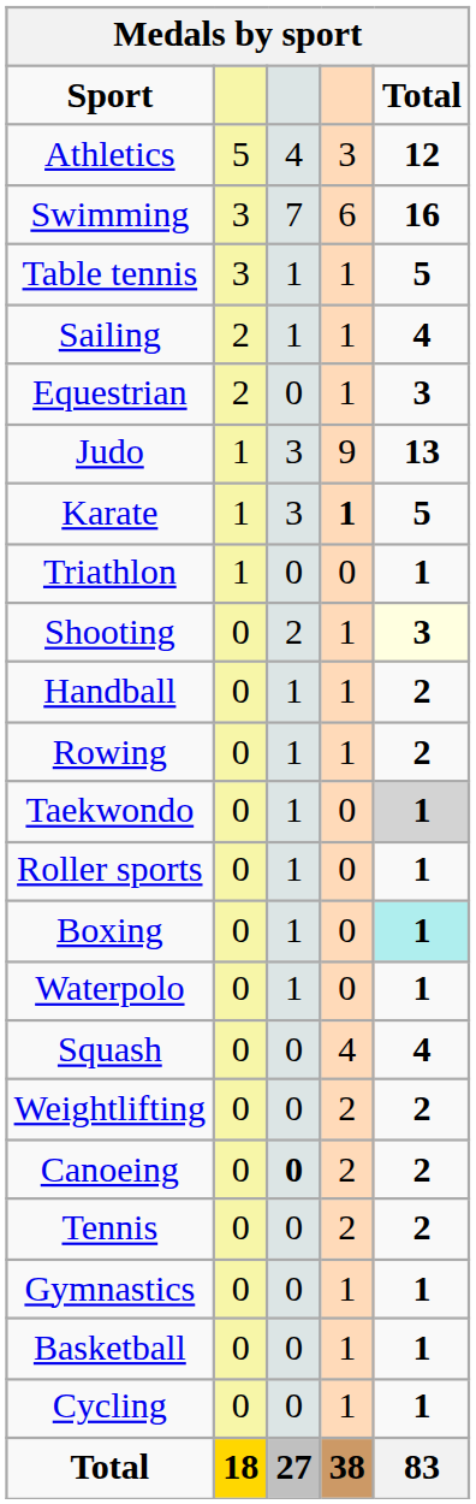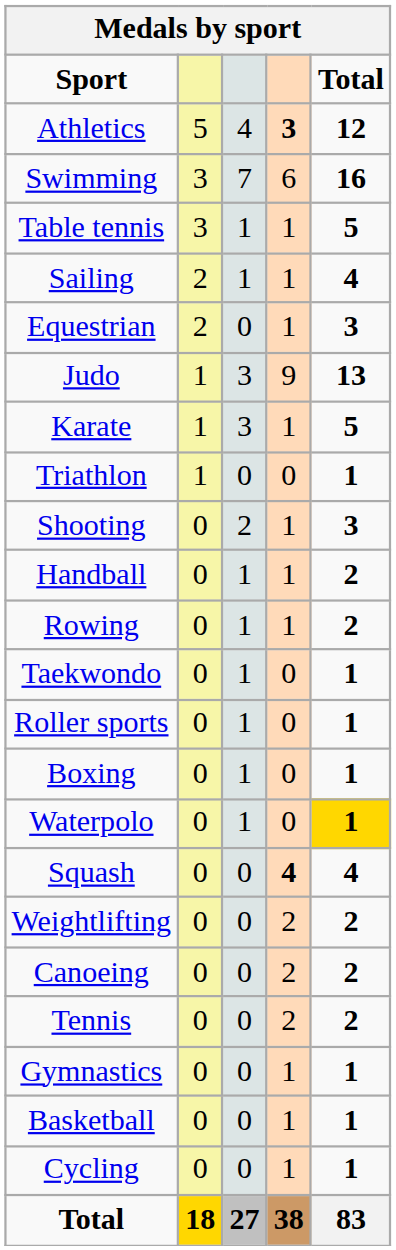 <table class="wikitable" style="font-size:85%; float:right;">
 <tr style="background:#efefef;">
 <th colspan=7><strong>Medals by sport</strong></th>
 </tr>
 <tr align=center>
 <td><strong>Sport</strong></td>
 <td bgcolor=#f7f6a8></td>
 <td bgcolor=#dce5e5></td>
 <td bgcolor=#ffdab9></td>
 <td><strong>Total</strong></td>
 </tr>
 <tr align=center>
 <td><a href='#'>Athletics</a></td>
 <td style="background:#F7F6A8;">5</td>
 <td style="background:#DCE5E5;">4</td>
-<td style="background:#FFDAB9;">3</td>
+<td style="background:#FFDAB9;"><strong>3</strong></td>
 <td><strong>12</strong></td>
 </tr>
 <tr align=center>
 <td><a href='#'>Swimming</a></td>
 <td style="background:#F7F6A8;">3</td>
 <td style="background:#DCE5E5;">7</td>
 <td style="background:#FFDAB9;">6</td>
 <td><strong>16</strong></td>
 </tr>
 <tr align=center>
 <td><a href='#'>Table tennis</a></td>
 <td style="background:#F7F6A8;">3</td>
 <td style="background:#DCE5E5;">1</td>
 <td style="background:#FFDAB9;">1</td>
 <td><strong>5</strong></td>
 </tr>
 <tr align=center>
 <td><a href='#'>Sailing</a></td>
 <td style="background:#F7F6A8;">2</td>
 <td style="background:#DCE5E5;">1</td>
 <td style="background:#FFDAB9;">1</td>
 <td><strong>4</strong></td>
 </tr>
 <tr align=center>
 <td><a href='#'>Equestrian</a></td>
 <td style="background:#F7F6A8;">2</td>
 <td style="background:#DCE5E5;">0</td>
 <td style="background:#FFDAB9;">1</td>
 <td><strong>3</strong></td>
 </tr>
 <tr align=center>
 <td><a href='#'>Judo</a></td>
 <td style="background:#F7F6A8;">1</td>
 <td style="background:#DCE5E5;">3</td>
 <td style="background:#FFDAB9;">9</td>
 <td><strong>13</strong></td>
 </tr>
 <tr align=center>
 <td><a href='#'>Karate</a></td>
 <td style="background:#F7F6A8;">1</td>
 <td style="background:#DCE5E5;">3</td>
-<td style="background:#FFDAB9;"><strong>1</strong></td>
+<td style="background:#FFDAB9;">1</td>
 <td><strong>5</strong></td>
 </tr>
 <tr align=center>
 <td><a href='#'>Triathlon</a></td>
 <td style="background:#F7F6A8;">1</td>
 <td style="background:#DCE5E5;">0</td>
 <td style="background:#FFDAB9;">0</td>
 <td><strong>1</strong></td>
 </tr>
 <tr align=center>
 <td><a href='#'>Shooting</a></td>
 <td style="background:#F7F6A8;">0</td>
 <td style="background:#DCE5E5;">2</td>
 <td style="background:#FFDAB9;">1</td>
-<td style="background: lightyellow;"><strong>3</strong></td>
+<td><strong>3</strong></td>
 </tr>
 <tr align=center>
 <td><a href='#'>Handball</a></td>
 <td style="background:#F7F6A8;">0</td>
 <td style="background:#DCE5E5;">1</td>
 <td style="background:#FFDAB9;">1</td>
 <td><strong>2</strong></td>
 </tr>
 <tr align=center>
 <td><a href='#'>Rowing</a></td>
 <td style="background:#F7F6A8;">0</td>
 <td style="background:#DCE5E5;">1</td>
 <td style="background:#FFDAB9;">1</td>
 <td><strong>2</strong></td>
 </tr>
 <tr align=center>
 <td><a href='#'>Taekwondo</a></td>
 <td style="background:#F7F6A8;">0</td>
 <td style="background:#DCE5E5;">1</td>
 <td style="background:#FFDAB9;">0</td>
-<td style="background: lightgrey;"><strong>1</strong></td>
+<td><strong>1</strong></td>
 </tr>
 <tr align=center>
 <td><a href='#'>Roller sports</a></td>
 <td style="background:#F7F6A8;">0</td>
 <td style="background:#DCE5E5;">1</td>
 <td style="background:#FFDAB9;">0</td>
 <td><strong>1</strong></td>
 </tr>
 <tr align=center>
 <td><a href='#'>Boxing</a></td>
 <td style="background:#F7F6A8;">0</td>
 <td style="background:#DCE5E5;">1</td>
 <td style="background:#FFDAB9;">0</td>
-<td style="background: paleturquoise;"><strong>1</strong></td>
+<td><strong>1</strong></td>
 </tr>
 <tr align=center>
 <td><a href='#'>Waterpolo</a></td>
 <td style="background:#F7F6A8;">0</td>
 <td style="background:#DCE5E5;">1</td>
 <td style="background:#FFDAB9;">0</td>
-<td><strong>1</strong></td>
+<td style="background: gold;"><strong>1</strong></td>
 </tr>
 <tr align=center>
 <td><a href='#'>Squash</a></td>
 <td style="background:#F7F6A8;">0</td>
 <td style="background:#DCE5E5;">0</td>
-<td style="background:#FFDAB9;">4</td>
+<td style="background:#FFDAB9;"><strong>4</strong></td>
 <td><strong>4</strong></td>
 </tr>
 <tr align=center>
 <td><a href='#'>Weightlifting</a></td>
 <td style="background:#F7F6A8;">0</td>
 <td style="background:#DCE5E5;">0</td>
 <td style="background:#FFDAB9;">2</td>
 <td><strong>2</strong></td>
 </tr>
 <tr align=center>
 <td><a href='#'>Canoeing</a></td>
 <td style="background:#F7F6A8;">0</td>
-<td style="background:#DCE5E5;"><strong>0</strong></td>
+<td style="background:#DCE5E5;">0</td>
 <td style="background:#FFDAB9;">2</td>
 <td><strong>2</strong></td>
 </tr>
 <tr align=center>
 <td><a href='#'>Tennis</a></td>
 <td style="background:#F7F6A8;">0</td>
 <td style="background:#DCE5E5;">0</td>
 <td style="background:#FFDAB9;">2</td>
 <td><strong>2</strong></td>
 </tr>
 <tr align=center>
 <td><a href='#'>Gymnastics</a></td>
 <td style="background:#F7F6A8;">0</td>
 <td style="background:#DCE5E5;">0</td>
 <td style="background:#FFDAB9;">1</td>
 <td><strong>1</strong></td>
 </tr>
 <tr align=center>
 <td><a href='#'>Basketball</a></td>
 <td style="background:#F7F6A8;">0</td>
 <td style="background:#DCE5E5;">0</td>
 <td style="background:#FFDAB9;">1</td>
 <td><strong>1</strong></td>
 </tr>
 <tr align=center>
 <td><a href='#'>Cycling</a></td>
 <td style="background:#F7F6A8;">0</td>
 <td style="background:#DCE5E5;">0</td>
 <td style="background:#FFDAB9;">1</td>
 <td><strong>1</strong></td>
 </tr>
 <tr align=center>
 <td><strong>Total</strong></td>
 <th style="background:gold;"><strong>18</strong></th>
 <th style="background:silver;"><strong>27</strong></th>
 <th style="background:#c96;"><strong>38</strong></th>
 <th><strong>83</strong></th>
 </tr>
 </table>
